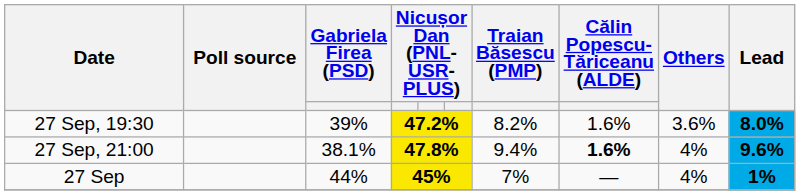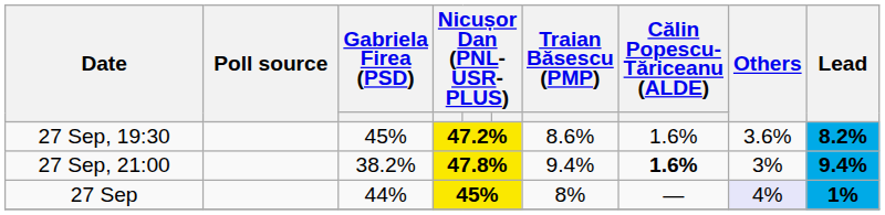 <table class="wikitable sortable" style="text-align:center;font-size:95%;line-height:14px;">
 <tr style="background:lightgrey;">
 <th rowspan="2" style="width:135px;">Date</th>
 <th style="width:90px;" rowspan = "2">Poll source</th>
 <th style="width:45px;" class="unsortable"><a href='#'>Gabriela Firea</a> (<a href='#'>PSD</a>)</th>
 <th style="width:45px;" colspan="3" class="unsortable"><a href='#'>Nicușor Dan</a> (<a href='#'>PNL</a>-<a href='#'>USR</a>-<a href='#'>PLUS</a>)</th>
 <th style="width:45px;" class="unsortable"><a href='#'>Traian Băsescu</a> (<a href='#'>PMP</a>)</th>
 <th style="width:45px;" class="unsortable"><a href='#'>Călin Popescu-Tăriceanu</a> (<a href='#'>ALDE</a>)</th>
 <th style="width:45px;" rowspan="2" class="unsortable"><a href='#'>Others</a></th>
 <th style="width:45px;" rowspan="2" class="unsortable">Lead</th>
 </tr>
 <tr>
 <th style="background:"></th>
 <th style="background:"></th>
 <th style="background:"></th>
 <th style="background:"></th>
 <th style="background:"></th>
 <th style="background:"></th>
 </tr>
 <tr>
 <td>27 Sep, 19:30</td>
 <td></td>
-<td>39%</td>
+<td>45%</td>
 <td style="background:#FAE800" colspan=3><strong>47.2%</strong></td>
-<td>8.2%</td>
+<td>8.6%</td>
 <td>1.6%</td>
 <td>3.6%</td>
-<td style="background:#00AAE7"><strong>8.0%</strong></td>
+<td style="background:#00AAE7"><strong>8.2%</strong></td>
 </tr>
 <tr>
 <td>27 Sep, 21:00</td>
 <td></td>
-<td>38.1%</td>
+<td>38.2%</td>
 <td style="background:#FAE800" colspan=3><strong>47.8%</strong></td>
 <td>9.4%</td>
 <td><strong>1.6%</strong></td>
-<td>4%</td>
-<td style="background:#00AAE7"><strong>9.6%</strong></td>
+<td>3%</td>
+<td style="background:#00AAE7"><strong>9.4%</strong></td>
 </tr>
 <tr>
 <td>27 Sep</td>
 <td></td>
 <td>44%</td>
 <td style="background:#FAE800" colspan=3><strong>45%</strong></td>
-<td>7%</td>
+<td>8%</td>
 <td>—</td>
-<td>4%</td>
+<td style="background: lavender;">4%</td>
 <td style="background:#00AAE7"><strong>1%</strong></td>
 </tr>
 <tr>
 </tr>
 </table>
